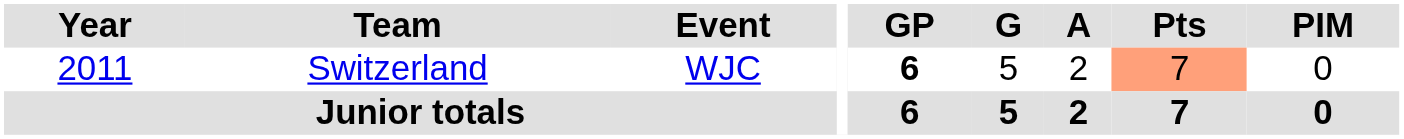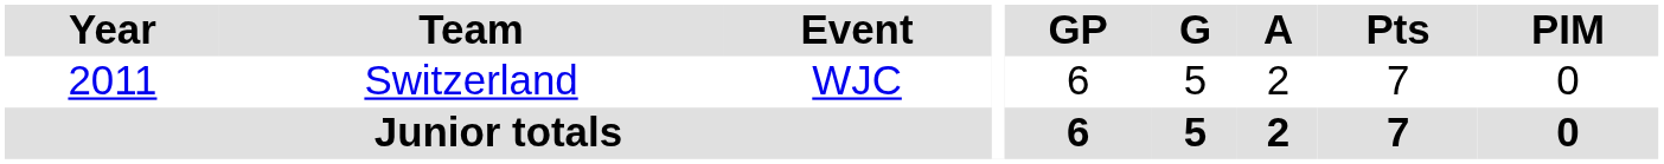 <table border="0" cellpadding="1" cellspacing="0" ID="Table3" style="text-align:center; width:40em">
 <tr ALIGN="center" bgcolor="#e0e0e0">
 <th>Year</th>
 <th>Team</th>
 <th>Event</th>
 <th rowspan="99" bgcolor="#ffffff"></th>
 <th>GP</th>
 <th>G</th>
 <th>A</th>
 <th>Pts</th>
 <th>PIM</th>
 </tr>
 <tr>
 <td><a href='#'>2011</a></td>
 <td><a href='#'>Switzerland</a></td>
 <td><a href='#'>WJC</a></td>
-<td><strong>6</strong></td>
+<td>6</td>
 <td>5</td>
 <td>2</td>
-<td style="background: lightsalmon;">7</td>
+<td>7</td>
 <td>0</td>
 </tr>
 <tr ALIGN="center" bgcolor="#e0e0e0">
 <th colspan=3>Junior totals</th>
 <th>6</th>
 <th>5</th>
 <th>2</th>
 <th>7</th>
 <th>0</th>
 </tr>
 </table>
